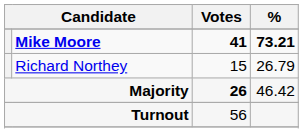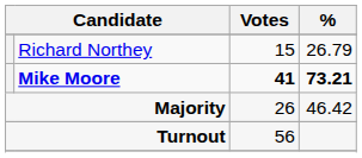 <table class="wikitable" style="font-size: 95%;">
 <tr style="background-color:#E9E9E9">
 <th colspan="2" style="width: 170px">Candidate</th>
 <th style="width: 50px">Votes</th>
 <th style="width: 40px">%</th>
 </tr>
 <tr>
 </tr>
 <tr>
 <th style="background-color: "></th>
+<td style="width: 170px"><a href='#'>Richard Northey</a></td>
+<td align="right">15</td>
+<td align="right">26.79</td>
+</tr>
+<tr>
+<th style="background-color: "></th>
 <td style="width: 170px"><strong><a href='#'>Mike Moore</a></strong></td>
 <td align="right"><strong>41</strong></td>
 <td align="right"><strong>73.21</strong></td>
 </tr>
-<tr>
-<th style="background-color: "></th>
-<td style="width: 170px"><a href='#'>Richard Northey</a></td>
-<td align="right">15</td>
-<td align="right">26.79</td>
-</tr>
 <tr style="background-color:#F6F6F6">
 <td colspan="2" align="right"><strong>Majority</strong></td>
-<td align="right"><strong>26</strong></td>
+<td align="right">26</td>
 <td align="right">46.42</td>
 </tr>
 <tr>
 </tr>
 <tr style="background-color:#F6F6F6">
 <td colspan="2" align="right"><strong>Turnout</strong></td>
 <td align="right">56</td>
 <td></td>
 </tr>
 <tr>
 </tr>
 <tr style="background-color:#F6F6F6">
 </tr>
 </table>
